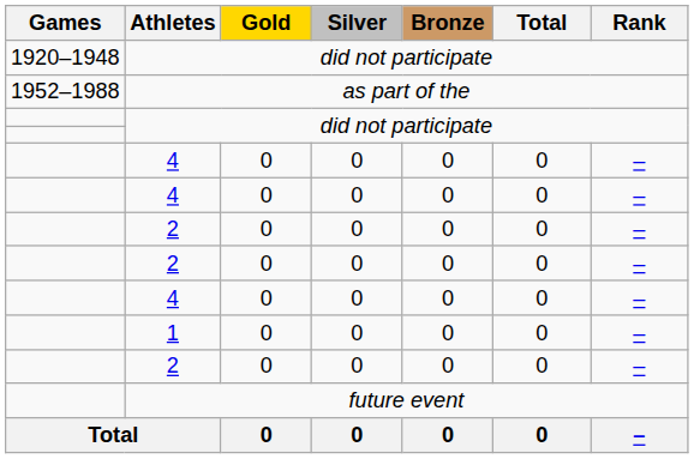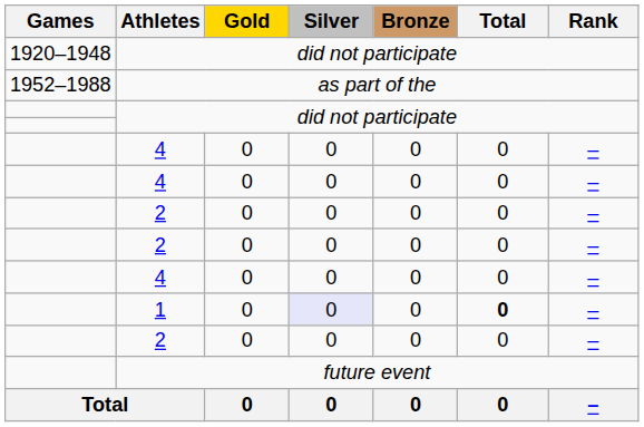 <table class="wikitable" style="text-align:center; font-size:90%;">
 <tr>
 <th>Games</th>
 <th>Athletes</th>
 <td style="background:gold; width:3.7em; font-weight:bold;">Gold</td>
 <td style="background:silver; width:3.7em; font-weight:bold;">Silver</td>
 <td style="background:#cc9966; width:3.7em; font-weight:bold;">Bronze</td>
 <th style="width:4em; font-weight:bold;">Total</th>
 <th style="width:4em; font-weight:bold;">Rank</th>
 </tr>
 <tr>
 <td align=left>1920–1948</td>
 <td colspan=6><em>did not participate</em></td>
 </tr>
 <tr>
 <td align=left>1952–1988</td>
 <td colspan=6><em>as part of the </em></td>
 </tr>
 <tr>
 <td align=left></td>
 <td colspan=6 rowspan=2><em>did not participate</em></td>
 </tr>
 <tr>
 <td align=left></td>
 </tr>
 <tr>
 <td align=left></td>
 <td><a href='#'>4</a></td>
 <td>0</td>
 <td>0</td>
 <td>0</td>
 <td>0</td>
 <td><a href='#'>–</a></td>
 </tr>
 <tr>
 <td align=left></td>
 <td><a href='#'>4</a></td>
 <td>0</td>
 <td>0</td>
 <td>0</td>
 <td>0</td>
 <td><a href='#'>–</a></td>
 </tr>
 <tr>
 <td align=left></td>
 <td><a href='#'>2</a></td>
 <td>0</td>
 <td>0</td>
 <td>0</td>
 <td>0</td>
 <td><a href='#'>–</a></td>
 </tr>
 <tr>
 <td align=left></td>
 <td><a href='#'>2</a></td>
 <td>0</td>
 <td>0</td>
 <td>0</td>
 <td>0</td>
 <td><a href='#'>–</a></td>
 </tr>
 <tr>
 <td align=left></td>
 <td><a href='#'>4</a></td>
 <td>0</td>
 <td>0</td>
 <td>0</td>
 <td>0</td>
 <td><a href='#'>–</a></td>
 </tr>
 <tr>
 <td align=left></td>
 <td><a href='#'>1</a></td>
 <td>0</td>
+<td style="background: lavender;">0</td>
 <td>0</td>
-<td>0</td>
-<td>0</td>
+<td><strong>0</strong></td>
 <td><a href='#'>–</a></td>
 </tr>
 <tr>
 <td align=left></td>
 <td><a href='#'>2</a></td>
 <td>0</td>
 <td>0</td>
 <td>0</td>
 <td>0</td>
 <td><a href='#'>–</a></td>
 </tr>
 <tr>
 <td align=left></td>
 <td colspan=6><em>future event</em></td>
 </tr>
 <tr>
 <th colspan=2>Total</th>
 <th>0</th>
 <th>0</th>
 <th>0</th>
 <th>0</th>
 <th><a href='#'>–</a></th>
 </tr>
 </table>
